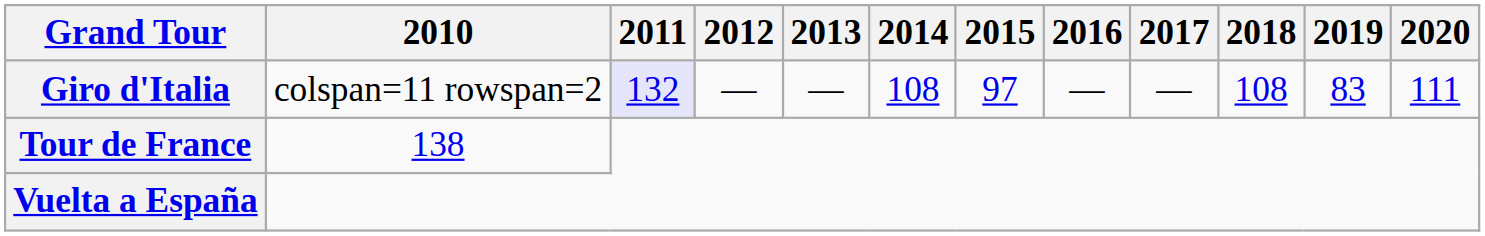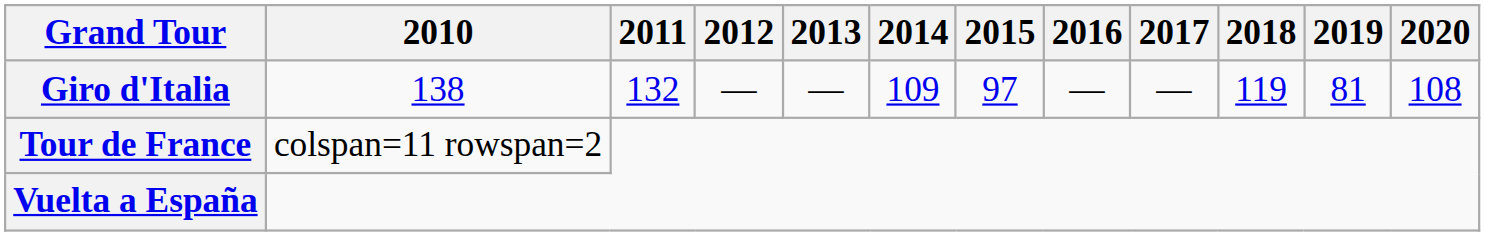 <table class="wikitable plainrowheaders">
 <tr>
 <th scope="col"><a href='#'>Grand Tour</a></th>
 <th scope="col">2010</th>
 <th scope="col">2011</th>
 <th scope="col">2012</th>
 <th scope="col">2013</th>
 <th scope="col">2014</th>
 <th scope="col">2015</th>
 <th scope="col">2016</th>
 <th scope="col">2017</th>
 <th scope="col">2018</th>
 <th scope="col">2019</th>
 <th scope="col">2020</th>
 </tr>
 <tr style="text-align:center;">
 <th scope="row"> <a href='#'>Giro d'Italia</a></th>
-<td>colspan=11 rowspan=2 </td>
-<td style="background: lavender;"><a href='#'>132</a></td>
+<td><a href='#'>138</a></td>
+<td><a href='#'>132</a></td>
 <td>—</td>
 <td>—</td>
-<td><a href='#'>108</a></td>
+<td><a href='#'>109</a></td>
 <td><a href='#'>97</a></td>
 <td>—</td>
 <td>—</td>
+<td><a href='#'>119</a></td>
+<td><a href='#'>81</a></td>
 <td><a href='#'>108</a></td>
-<td><a href='#'>83</a></td>
-<td><a href='#'>111</a></td>
 </tr>
 <tr style="text-align:center;">
 <th scope="row"> <a href='#'>Tour de France</a></th>
-<td><a href='#'>138</a></td>
+<td>colspan=11 rowspan=2 </td>
 </tr>
 <tr style="text-align:center;">
 <th scope="row"> <a href='#'>Vuelta a España</a></th>
 </tr>
 </table>
